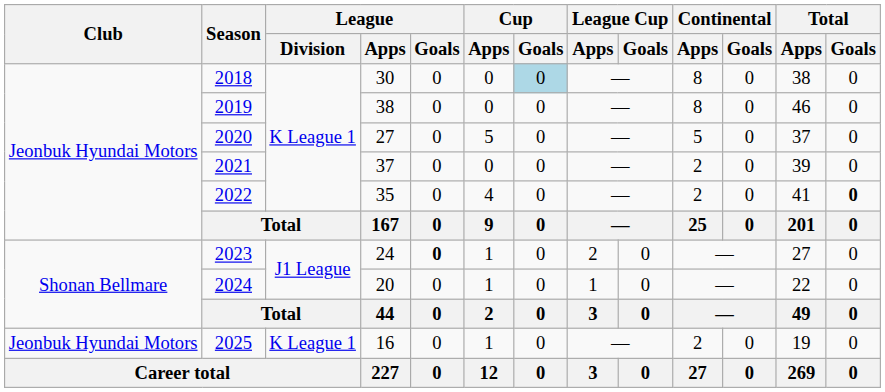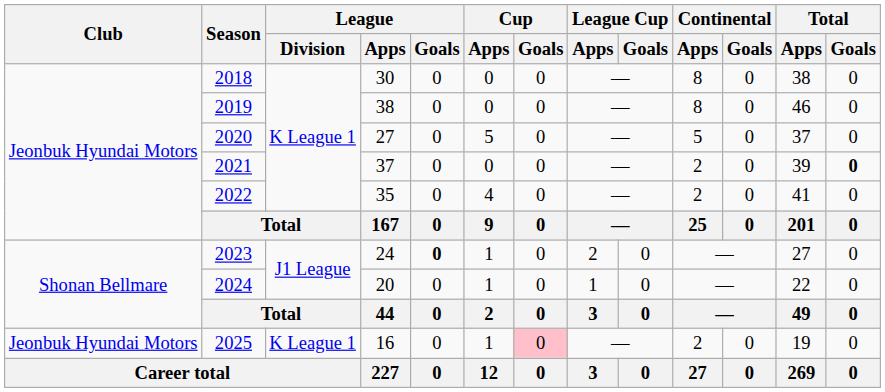 <table class="wikitable" style="text-align: center;">
 <tr>
 <th rowspan="2">Club</th>
 <th rowspan="2">Season</th>
 <th colspan="3">League</th>
 <th colspan="2">Cup</th>
 <th colspan="2">League Cup</th>
 <th colspan="2">Continental</th>
 <th colspan="2">Total</th>
 </tr>
 <tr>
 <th>Division</th>
 <th>Apps</th>
 <th>Goals</th>
 <th>Apps</th>
 <th>Goals</th>
 <th>Apps</th>
 <th>Goals</th>
 <th>Apps</th>
 <th>Goals</th>
 <th>Apps</th>
 <th>Goals</th>
 </tr>
 <tr>
 <td rowspan="6"><a href='#'>Jeonbuk Hyundai Motors</a></td>
 <td><a href='#'>2018</a></td>
 <td rowspan=5><a href='#'>K League 1</a></td>
 <td>30</td>
 <td>0</td>
 <td>0</td>
-<td style="background: lightblue;">0</td>
+<td>0</td>
 <td colspan=2>—</td>
 <td>8</td>
 <td>0</td>
 <td>38</td>
 <td>0</td>
 </tr>
 <tr>
 <td><a href='#'>2019</a></td>
 <td>38</td>
 <td>0</td>
 <td>0</td>
 <td>0</td>
 <td colspan=2>—</td>
 <td>8</td>
 <td>0</td>
 <td>46</td>
 <td>0</td>
 </tr>
 <tr>
 <td><a href='#'>2020</a></td>
 <td>27</td>
 <td>0</td>
 <td>5</td>
 <td>0</td>
 <td colspan=2>—</td>
 <td>5</td>
 <td>0</td>
 <td>37</td>
 <td>0</td>
 </tr>
 <tr>
 <td><a href='#'>2021</a></td>
 <td>37</td>
 <td>0</td>
 <td>0</td>
 <td>0</td>
 <td colspan=2>—</td>
 <td>2</td>
 <td>0</td>
 <td>39</td>
-<td>0</td>
+<td><strong>0</strong></td>
 </tr>
 <tr>
 <td><a href='#'>2022</a></td>
 <td>35</td>
 <td>0</td>
 <td>4</td>
 <td>0</td>
 <td colspan=2>—</td>
 <td>2</td>
 <td>0</td>
 <td>41</td>
-<td><strong>0</strong></td>
+<td>0</td>
 </tr>
 <tr>
 <th colspan="2">Total</th>
 <th>167</th>
 <th>0</th>
 <th>9</th>
 <th>0</th>
 <th colspan=2>—</th>
 <th>25</th>
 <th>0</th>
 <th>201</th>
 <th>0</th>
 </tr>
 <tr>
 <td rowspan=3><a href='#'>Shonan Bellmare</a></td>
 <td><a href='#'>2023</a></td>
 <td rowspan=2><a href='#'>J1 League</a></td>
 <td>24</td>
 <td><strong>0</strong></td>
 <td>1</td>
 <td>0</td>
 <td>2</td>
 <td>0</td>
 <td colspan=2>—</td>
 <td>27</td>
 <td>0</td>
 </tr>
 <tr>
 <td><a href='#'>2024</a></td>
 <td>20</td>
 <td>0</td>
 <td>1</td>
 <td>0</td>
 <td>1</td>
 <td>0</td>
 <td colspan=2>—</td>
 <td>22</td>
 <td>0</td>
 </tr>
 <tr>
 <th colspan="2">Total</th>
 <th>44</th>
 <th>0</th>
 <th>2</th>
 <th>0</th>
 <th>3</th>
 <th>0</th>
 <th colspan=2>—</th>
 <th>49</th>
 <th>0</th>
 </tr>
 <tr>
 <td><a href='#'>Jeonbuk Hyundai Motors</a></td>
 <td><a href='#'>2025</a></td>
 <td><a href='#'>K League 1</a></td>
 <td>16</td>
 <td>0</td>
 <td>1</td>
-<td>0</td>
+<td style="background: pink;">0</td>
 <td colspan=2>—</td>
 <td>2</td>
 <td>0</td>
 <td>19</td>
 <td>0</td>
 </tr>
 <tr>
 <th colspan="3">Career total</th>
 <th>227</th>
 <th>0</th>
 <th>12</th>
 <th>0</th>
 <th>3</th>
 <th>0</th>
 <th>27</th>
 <th>0</th>
 <th>269</th>
 <th>0</th>
 </tr>
 </table>
